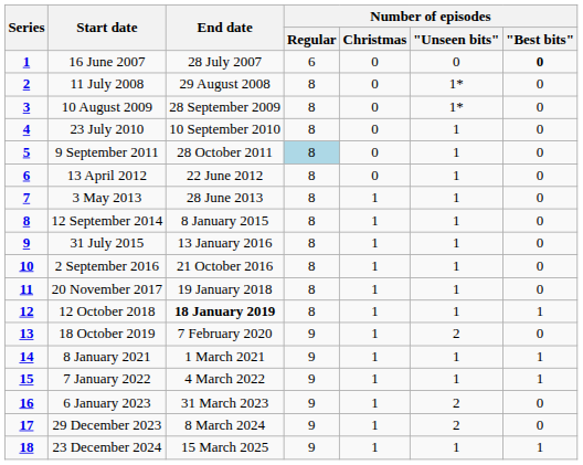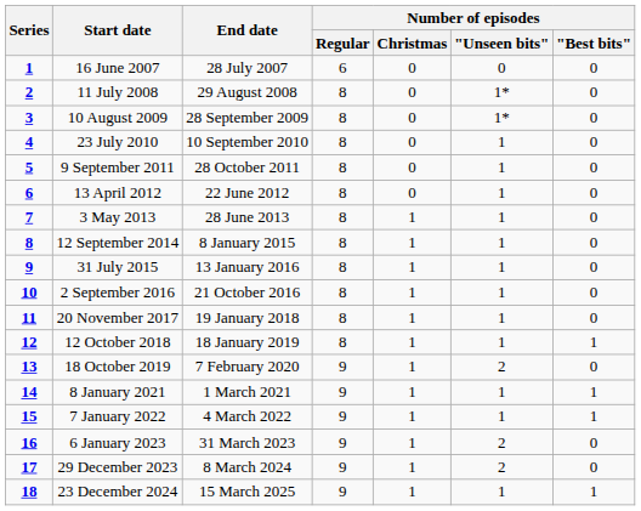 <table class="wikitable" style="text-align:center;">
 <tr>
 <th rowspan=2>Series</th>
 <th rowspan=2>Start date</th>
 <th rowspan=2>End date</th>
 <th colspan=4>Number of episodes</th>
 </tr>
 <tr>
 <th>Regular</th>
 <th>Christmas</th>
 <th>"Unseen bits"</th>
 <th>"Best bits"</th>
 </tr>
 <tr>
 <td><strong><a href='#'>1</a></strong></td>
 <td>16 June 2007</td>
 <td>28 July 2007</td>
 <td>6</td>
 <td>0</td>
 <td>0</td>
-<td><strong>0</strong></td>
+<td>0</td>
 </tr>
 <tr>
 <td><strong><a href='#'>2</a></strong></td>
 <td>11 July 2008</td>
 <td>29 August 2008</td>
 <td>8</td>
 <td>0</td>
 <td>1*</td>
 <td>0</td>
 </tr>
 <tr>
 <td><strong><a href='#'>3</a></strong></td>
 <td>10 August 2009</td>
 <td>28 September 2009</td>
 <td>8</td>
 <td>0</td>
 <td>1*</td>
 <td>0</td>
 </tr>
 <tr>
 <td><strong><a href='#'>4</a></strong></td>
 <td>23 July 2010</td>
 <td>10 September 2010</td>
 <td>8</td>
 <td>0</td>
 <td>1</td>
 <td>0</td>
 </tr>
 <tr>
 <td><strong><a href='#'>5</a></strong></td>
 <td>9 September 2011</td>
 <td>28 October 2011</td>
-<td style="background: lightblue;">8</td>
+<td>8</td>
 <td>0</td>
 <td>1</td>
 <td>0</td>
 </tr>
 <tr>
 <td><strong><a href='#'>6</a></strong></td>
 <td>13 April 2012</td>
 <td>22 June 2012</td>
 <td>8</td>
 <td>0</td>
 <td>1</td>
 <td>0</td>
 </tr>
 <tr>
 <td><strong><a href='#'>7</a></strong></td>
 <td>3 May 2013</td>
 <td>28 June 2013</td>
 <td>8</td>
 <td>1</td>
 <td>1</td>
 <td>0</td>
 </tr>
 <tr>
 <td><strong><a href='#'>8</a></strong></td>
 <td>12 September 2014</td>
 <td>8 January 2015</td>
 <td>8</td>
 <td>1</td>
 <td>1</td>
 <td>0</td>
 </tr>
 <tr>
 <td><strong><a href='#'>9</a></strong></td>
 <td>31 July 2015</td>
 <td>13 January 2016</td>
 <td>8</td>
 <td>1</td>
 <td>1</td>
 <td>0</td>
 </tr>
 <tr>
 <td><strong><a href='#'>10</a></strong></td>
 <td>2 September 2016</td>
 <td>21 October 2016</td>
 <td>8</td>
 <td>1</td>
 <td>1</td>
 <td>0</td>
 </tr>
 <tr>
 <td><strong><a href='#'>11</a></strong></td>
 <td>20 November 2017</td>
 <td>19 January 2018</td>
 <td>8</td>
 <td>1</td>
 <td>1</td>
 <td>0</td>
 </tr>
 <tr>
 <td><strong><a href='#'>12</a></strong></td>
 <td>12 October 2018</td>
-<td><strong>18 January 2019</strong></td>
+<td>18 January 2019</td>
 <td>8</td>
 <td>1</td>
 <td>1</td>
 <td>1</td>
 </tr>
 <tr>
 <td><strong><a href='#'>13</a></strong></td>
 <td>18 October 2019</td>
 <td>7 February 2020</td>
 <td>9</td>
 <td>1</td>
 <td>2</td>
 <td>0</td>
 </tr>
 <tr>
 <td><strong><a href='#'>14</a></strong></td>
 <td>8 January 2021</td>
 <td>1 March 2021</td>
 <td>9</td>
 <td>1</td>
 <td>1</td>
 <td>1</td>
 </tr>
 <tr>
 <td><strong><a href='#'>15</a></strong></td>
 <td>7 January 2022</td>
 <td>4 March 2022</td>
 <td>9</td>
 <td>1</td>
 <td>1</td>
 <td>1</td>
 </tr>
 <tr>
 <td><strong><a href='#'>16</a></strong></td>
 <td>6 January 2023</td>
 <td>31 March 2023</td>
 <td>9</td>
 <td>1</td>
 <td>2</td>
 <td>0</td>
 </tr>
 <tr>
 <td><strong><a href='#'>17</a></strong></td>
 <td>29 December 2023</td>
 <td>8 March 2024</td>
 <td>9</td>
 <td>1</td>
 <td>2</td>
 <td>0</td>
 </tr>
 <tr>
 <td><a href='#'><strong>18</strong></a></td>
 <td>23 December 2024</td>
 <td>15 March 2025</td>
 <td>9</td>
 <td>1</td>
 <td>1</td>
 <td>1</td>
 </tr>
 </table>
